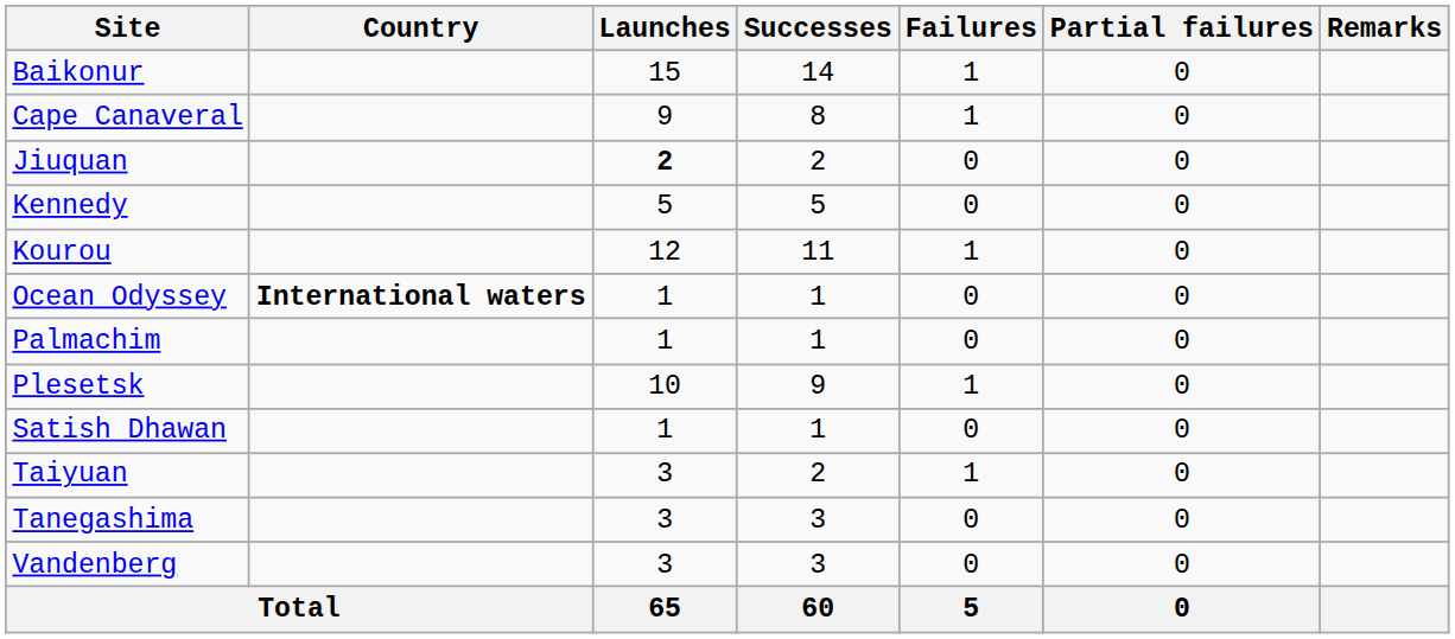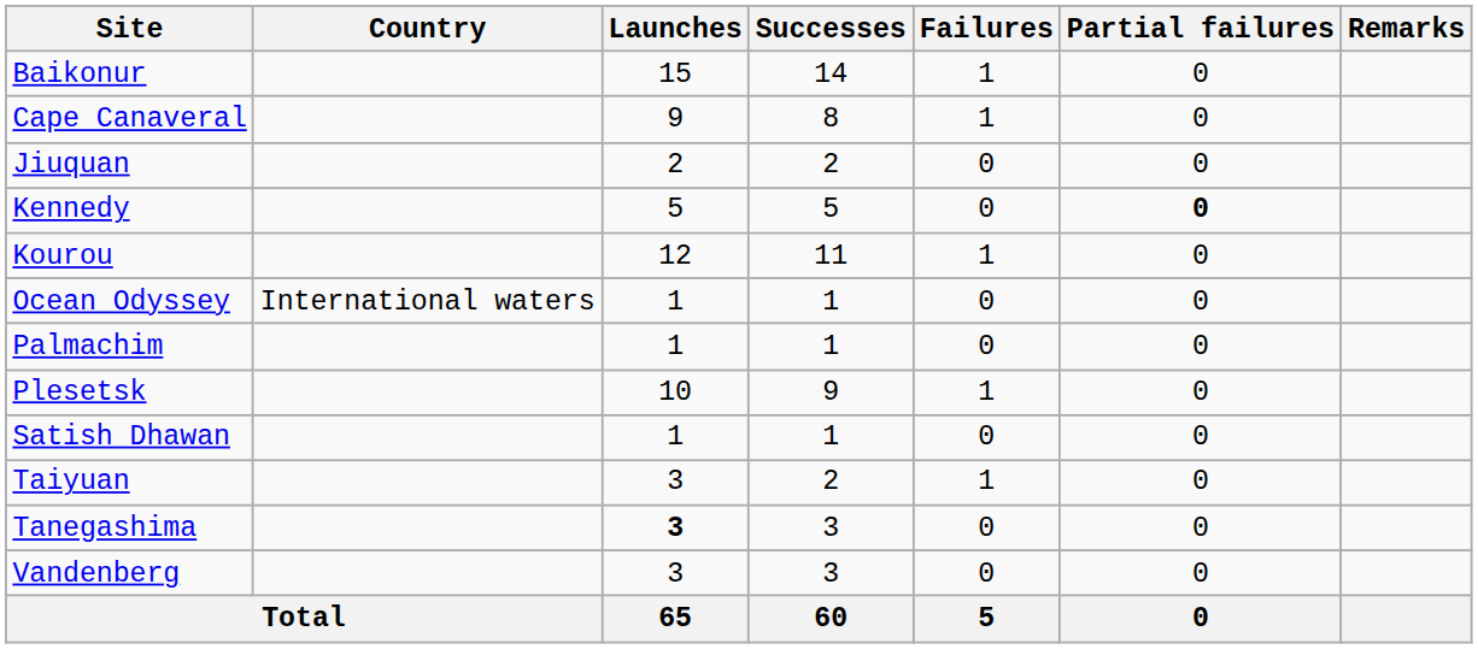 <table class="wikitable sortable" style=text-align:center>
 <tr>
 <th>Site</th>
 <th>Country</th>
 <th>Launches</th>
 <th>Successes</th>
 <th>Failures</th>
 <th>Partial failures</th>
 <th>Remarks</th>
 </tr>
 <tr>
 <td align=left><a href='#'>Baikonur</a></td>
 <td align=left></td>
 <td>15</td>
 <td>14</td>
 <td>1</td>
 <td>0</td>
 <td></td>
 </tr>
 <tr>
 <td align=left><a href='#'>Cape Canaveral</a></td>
 <td align=left></td>
 <td>9</td>
 <td>8</td>
 <td>1</td>
 <td>0</td>
 <td></td>
 </tr>
 <tr>
 <td align=left><a href='#'>Jiuquan</a></td>
 <td align=left></td>
-<td><strong>2</strong></td>
+<td>2</td>
 <td>2</td>
 <td>0</td>
 <td>0</td>
 <td></td>
 </tr>
 <tr>
 <td align=left><a href='#'>Kennedy</a></td>
 <td align=left></td>
 <td>5</td>
 <td>5</td>
 <td>0</td>
-<td>0</td>
+<td><strong>0</strong></td>
 <td></td>
 </tr>
 <tr>
 <td align=left><a href='#'>Kourou</a></td>
 <td align=left></td>
 <td>12</td>
 <td>11</td>
 <td>1</td>
 <td>0</td>
 <td></td>
 </tr>
 <tr>
 <td align=left><a href='#'>Ocean Odyssey</a></td>
-<td align=left><strong> International waters</strong></td>
+<td align=left> International waters</td>
 <td>1</td>
 <td>1</td>
 <td>0</td>
 <td>0</td>
 <td></td>
 </tr>
 <tr>
 <td align=left><a href='#'>Palmachim</a></td>
 <td align=left></td>
 <td>1</td>
 <td>1</td>
 <td>0</td>
 <td>0</td>
 <td></td>
 </tr>
 <tr>
 <td align=left><a href='#'>Plesetsk</a></td>
 <td align=left></td>
 <td>10</td>
 <td>9</td>
 <td>1</td>
 <td>0</td>
 <td></td>
 </tr>
 <tr>
 <td align=left><a href='#'>Satish Dhawan</a></td>
 <td align=left></td>
 <td>1</td>
 <td>1</td>
 <td>0</td>
 <td>0</td>
 <td></td>
 </tr>
 <tr>
 <td align=left><a href='#'>Taiyuan</a></td>
 <td align=left></td>
 <td>3</td>
 <td>2</td>
 <td>1</td>
 <td>0</td>
 <td></td>
 </tr>
 <tr>
 <td align=left><a href='#'>Tanegashima</a></td>
 <td align=left></td>
-<td>3</td>
+<td><strong>3</strong></td>
 <td>3</td>
 <td>0</td>
 <td>0</td>
 <td></td>
 </tr>
 <tr>
 <td align=left><a href='#'>Vandenberg</a></td>
 <td align=left></td>
 <td>3</td>
 <td>3</td>
 <td>0</td>
 <td>0</td>
 <td></td>
 </tr>
 <tr>
 <th colspan=2>Total</th>
 <th>65</th>
 <th>60</th>
 <th>5</th>
 <th>0</th>
 <th></th>
 </tr>
 </table>
